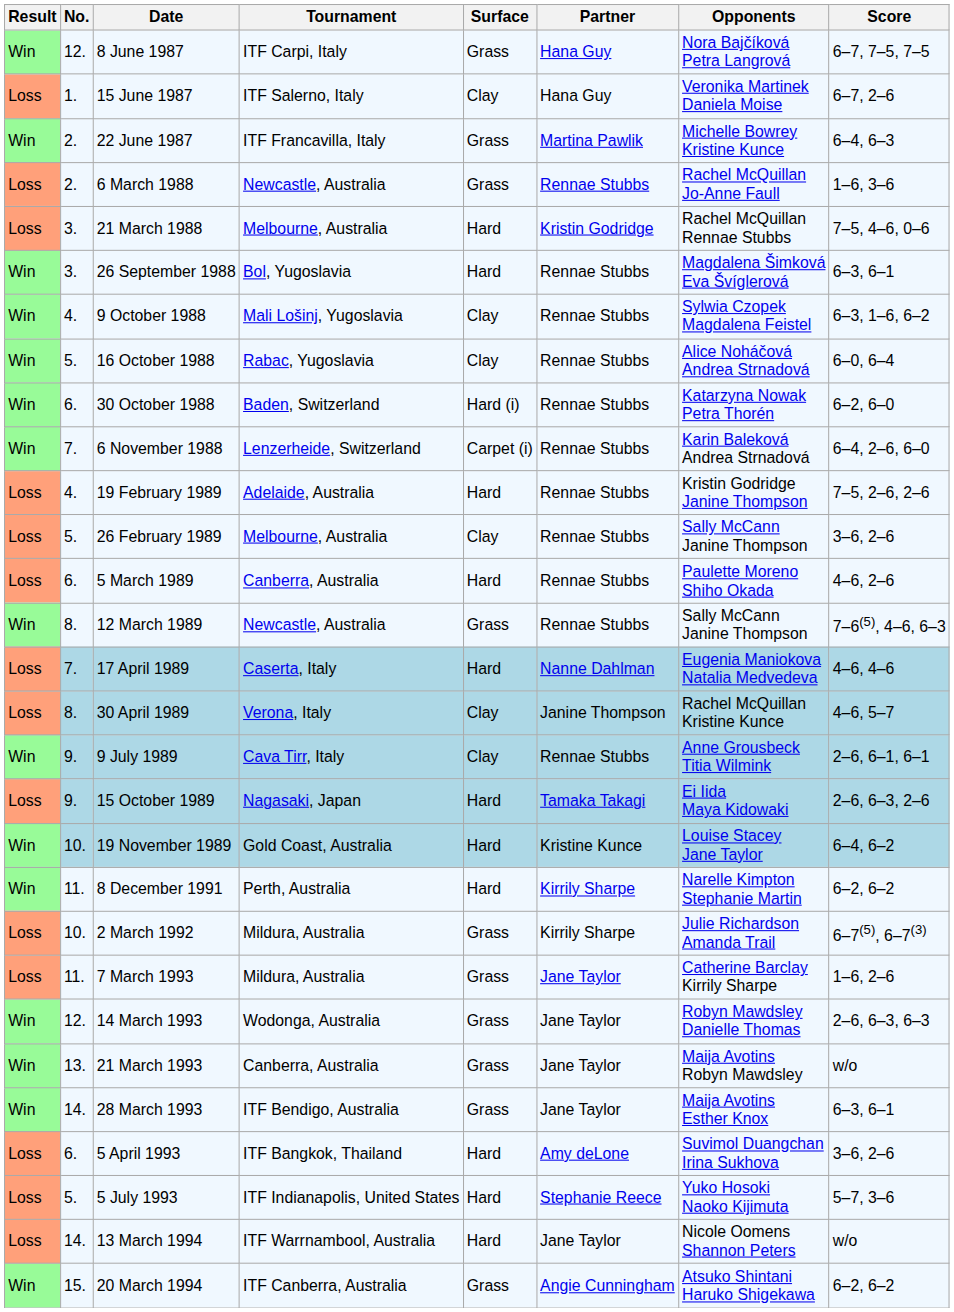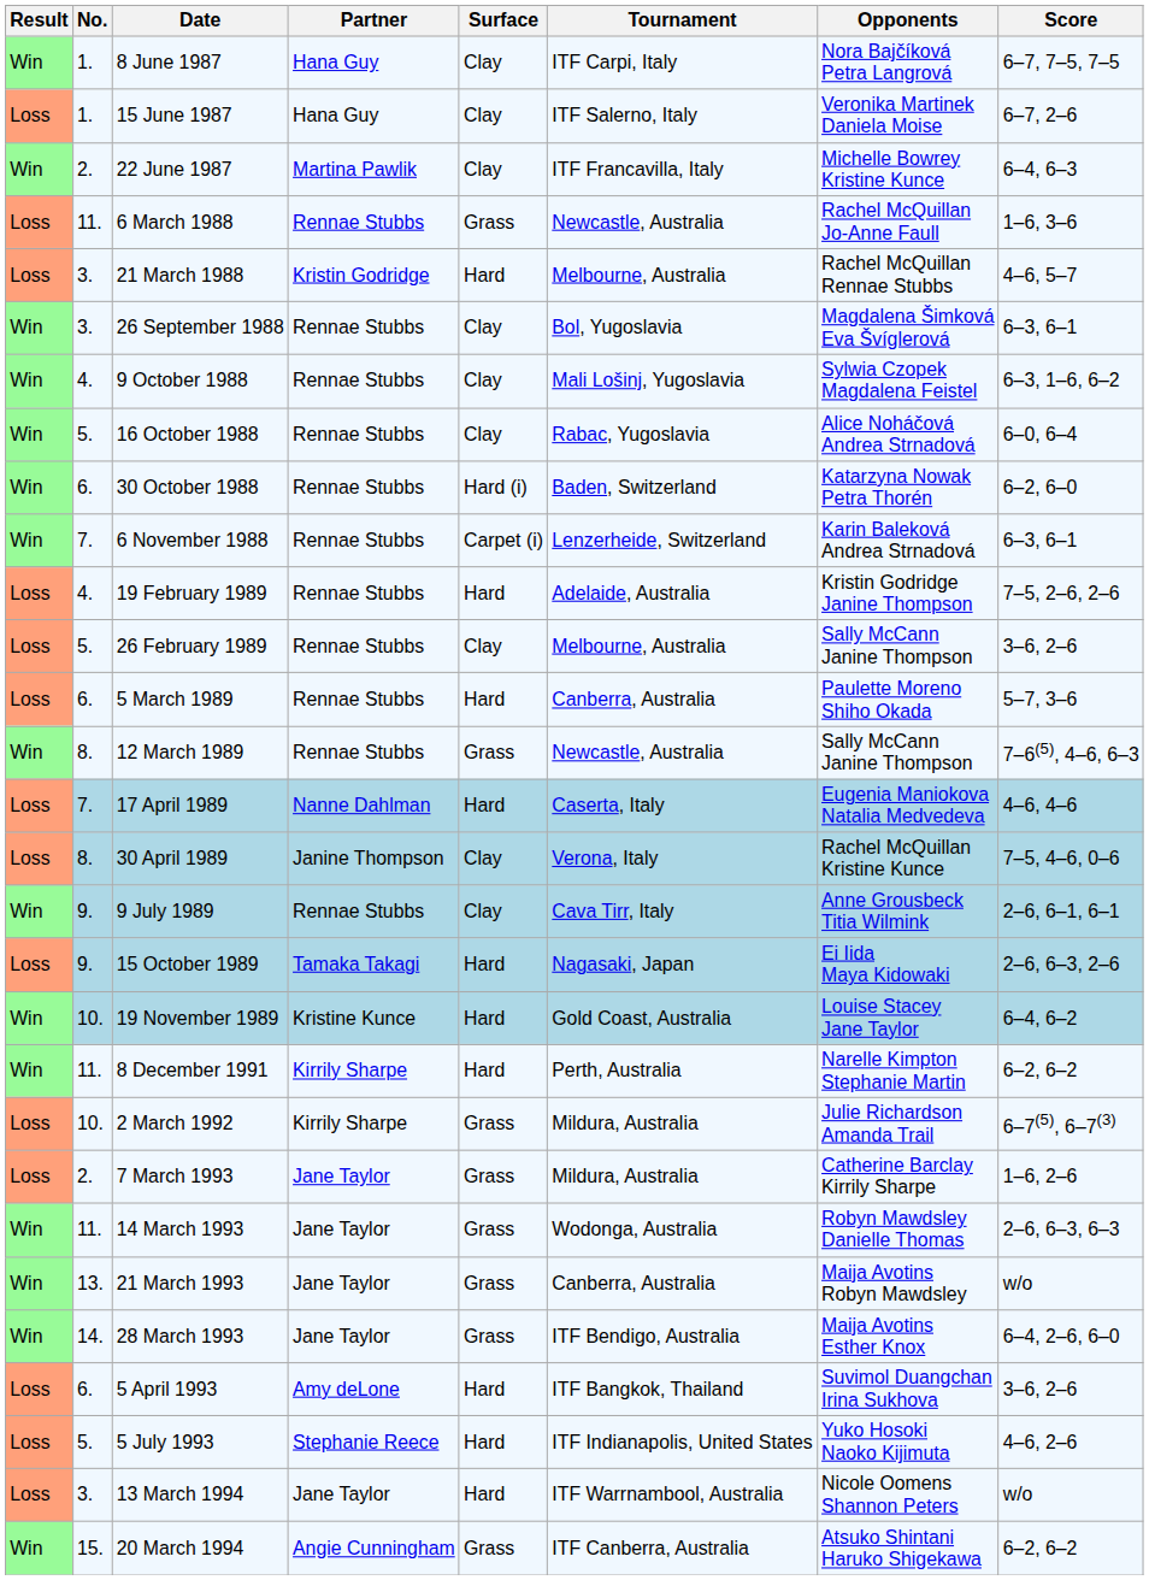 <table class="sortable wikitable" style=font-size:97%>
 <tr>
 <th>Result</th>
 <th>No.</th>
 <th>Date</th>
+<th>Partner</th>
+<th>Surface</th>
 <th>Tournament</th>
-<th>Surface</th>
-<th>Partner</th>
 <th>Opponents</th>
 <th>Score</th>
 </tr>
 <tr bgcolor=f0f8ff>
 <td style="background:#98fb98;">Win</td>
-<td>12.</td>
+<td>1.</td>
 <td>8 June 1987</td>
+<td> <a href='#'>Hana Guy</a></td>
+<td>Clay</td>
 <td>ITF Carpi, Italy</td>
-<td>Grass</td>
-<td> <a href='#'>Hana Guy</a></td>
 <td> <a href='#'>Nora Bajčíková</a> <br>  <a href='#'>Petra Langrová</a></td>
 <td>6–7, 7–5, 7–5</td>
 </tr>
 <tr bgcolor=f0f8ff>
 <td style="background:#ffa07a;">Loss</td>
 <td>1.</td>
 <td>15 June 1987</td>
+<td> Hana Guy</td>
+<td>Clay</td>
 <td>ITF Salerno, Italy</td>
-<td>Clay</td>
-<td> Hana Guy</td>
 <td> <a href='#'>Veronika Martinek</a> <br>  <a href='#'>Daniela Moise</a></td>
 <td>6–7, 2–6</td>
 </tr>
 <tr bgcolor="#f0f8ff">
 <td style="background:#98fb98;">Win</td>
 <td>2.</td>
 <td>22 June 1987</td>
+<td> <a href='#'>Martina Pawlik</a></td>
+<td>Clay</td>
 <td>ITF Francavilla, Italy</td>
-<td>Grass</td>
-<td> <a href='#'>Martina Pawlik</a></td>
 <td> <a href='#'>Michelle Bowrey</a> <br>  <a href='#'>Kristine Kunce</a></td>
 <td>6–4, 6–3</td>
 </tr>
 <tr bgcolor="#f0f8ff">
 <td style="background:#ffa07a;">Loss</td>
-<td>2.</td>
+<td>11.</td>
 <td>6 March 1988</td>
+<td> <a href='#'>Rennae Stubbs</a></td>
+<td>Grass</td>
 <td><a href='#'>Newcastle</a>, Australia</td>
-<td>Grass</td>
-<td> <a href='#'>Rennae Stubbs</a></td>
 <td> <a href='#'>Rachel McQuillan</a> <br>  <a href='#'>Jo-Anne Faull</a></td>
 <td>1–6, 3–6</td>
 </tr>
 <tr style="background:#f0f8ff;">
 <td style="background:#ffa07a;">Loss</td>
 <td>3.</td>
 <td>21 March 1988</td>
+<td> <a href='#'>Kristin Godridge</a></td>
+<td>Hard</td>
 <td><a href='#'>Melbourne</a>, Australia</td>
-<td>Hard</td>
-<td> <a href='#'>Kristin Godridge</a></td>
 <td> Rachel McQuillan <br>  Rennae Stubbs</td>
-<td>7–5, 4–6, 0–6</td>
+<td>4–6, 5–7</td>
 </tr>
 <tr style="background:#f0f8ff;">
 <td style="background:#98fb98;">Win</td>
 <td>3.</td>
 <td>26 September 1988</td>
+<td> Rennae Stubbs</td>
+<td>Clay</td>
 <td><a href='#'>Bol</a>, Yugoslavia</td>
-<td>Hard</td>
-<td> Rennae Stubbs</td>
 <td> <a href='#'>Magdalena Šimková</a> <br>  <a href='#'>Eva Švíglerová</a></td>
 <td>6–3, 6–1</td>
 </tr>
 <tr bgcolor="#f0f8ff">
 <td style="background:#98fb98;">Win</td>
 <td>4.</td>
 <td>9 October 1988</td>
+<td> Rennae Stubbs</td>
+<td>Clay</td>
 <td><a href='#'>Mali Lošinj</a>, Yugoslavia</td>
-<td>Clay</td>
-<td> Rennae Stubbs</td>
 <td> <a href='#'>Sylwia Czopek</a> <br>  <a href='#'>Magdalena Feistel</a></td>
 <td>6–3, 1–6, 6–2</td>
 </tr>
 <tr bgcolor="#f0f8ff">
 <td style="background:#98fb98;">Win</td>
 <td>5.</td>
 <td>16 October 1988</td>
+<td> Rennae Stubbs</td>
+<td>Clay</td>
 <td><a href='#'>Rabac</a>, Yugoslavia</td>
-<td>Clay</td>
-<td> Rennae Stubbs</td>
 <td> <a href='#'>Alice Noháčová</a> <br>  <a href='#'>Andrea Strnadová</a></td>
 <td>6–0, 6–4</td>
 </tr>
 <tr bgcolor="#f0f8ff">
 <td style="background:#98fb98;">Win</td>
 <td>6.</td>
 <td>30 October 1988</td>
+<td> Rennae Stubbs</td>
+<td>Hard (i)</td>
 <td><a href='#'>Baden</a>, Switzerland</td>
-<td>Hard (i)</td>
-<td> Rennae Stubbs</td>
 <td> <a href='#'>Katarzyna Nowak</a> <br>  <a href='#'>Petra Thorén</a></td>
 <td>6–2, 6–0</td>
 </tr>
 <tr bgcolor="#f0f8ff">
 <td style="background:#98fb98;">Win</td>
 <td>7.</td>
 <td>6 November 1988</td>
+<td> Rennae Stubbs</td>
+<td>Carpet (i)</td>
 <td><a href='#'>Lenzerheide</a>, Switzerland</td>
-<td>Carpet (i)</td>
-<td> Rennae Stubbs</td>
 <td> <a href='#'>Karin Baleková</a> <br>  Andrea Strnadová</td>
-<td>6–4, 2–6, 6–0</td>
+<td>6–3, 6–1</td>
 </tr>
 <tr bgcolor="#f0f8ff">
 <td style="background:#ffa07a;">Loss</td>
 <td>4.</td>
 <td>19 February 1989</td>
+<td> Rennae Stubbs</td>
+<td>Hard</td>
 <td><a href='#'>Adelaide</a>, Australia</td>
-<td>Hard</td>
-<td> Rennae Stubbs</td>
 <td> Kristin Godridge <br>  <a href='#'>Janine Thompson</a></td>
 <td>7–5, 2–6, 2–6</td>
 </tr>
 <tr bgcolor="#f0f8ff">
 <td style="background:#ffa07a;">Loss</td>
 <td>5.</td>
 <td>26 February 1989</td>
+<td> Rennae Stubbs</td>
+<td>Clay</td>
 <td><a href='#'>Melbourne</a>, Australia</td>
-<td>Clay</td>
-<td> Rennae Stubbs</td>
 <td> <a href='#'>Sally McCann</a> <br>  Janine Thompson</td>
 <td>3–6, 2–6</td>
 </tr>
 <tr bgcolor="#f0f8ff">
 <td style="background:#ffa07a;">Loss</td>
 <td>6.</td>
 <td>5 March 1989</td>
+<td> Rennae Stubbs</td>
+<td>Hard</td>
 <td><a href='#'>Canberra</a>, Australia</td>
-<td>Hard</td>
-<td> Rennae Stubbs</td>
 <td> <a href='#'>Paulette Moreno</a> <br>  <a href='#'>Shiho Okada</a></td>
-<td>4–6, 2–6</td>
+<td>5–7, 3–6</td>
 </tr>
 <tr bgcolor="#f0f8ff">
 <td style="background:#98fb98;">Win</td>
 <td>8.</td>
 <td>12 March 1989</td>
+<td> Rennae Stubbs</td>
+<td>Grass</td>
 <td><a href='#'>Newcastle</a>, Australia</td>
-<td>Grass</td>
-<td> Rennae Stubbs</td>
 <td> Sally McCann <br>  Janine Thompson</td>
 <td>7–6<sup>(5)</sup>, 4–6, 6–3</td>
 </tr>
 <tr style="background:lightblue;">
 <td style="background:#ffa07a;">Loss</td>
 <td>7.</td>
 <td>17 April 1989</td>
+<td> <a href='#'>Nanne Dahlman</a></td>
+<td>Hard</td>
 <td><a href='#'>Caserta</a>, Italy</td>
-<td>Hard</td>
-<td> <a href='#'>Nanne Dahlman</a></td>
 <td> <a href='#'>Eugenia Maniokova</a> <br>  <a href='#'>Natalia Medvedeva</a></td>
 <td>4–6, 4–6</td>
 </tr>
 <tr style="background:lightblue;">
 <td style="background:#ffa07a;">Loss</td>
 <td>8.</td>
 <td>30 April 1989</td>
+<td> Janine Thompson</td>
+<td>Clay</td>
 <td><a href='#'>Verona</a>, Italy</td>
-<td>Clay</td>
-<td> Janine Thompson</td>
 <td> Rachel McQuillan <br>  Kristine Kunce</td>
-<td>4–6, 5–7</td>
+<td>7–5, 4–6, 0–6</td>
 </tr>
 <tr bgcolor="lightblue">
 <td style="background:#98fb98;">Win</td>
 <td>9.</td>
 <td>9 July 1989</td>
+<td> Rennae Stubbs</td>
+<td>Clay</td>
 <td><a href='#'>Cava Tirr</a>, Italy</td>
-<td>Clay</td>
-<td> Rennae Stubbs</td>
 <td> <a href='#'>Anne Grousbeck</a> <br>  <a href='#'>Titia Wilmink</a></td>
 <td>2–6, 6–1, 6–1</td>
 </tr>
 <tr style="background:lightblue;">
 <td style="background:#ffa07a;">Loss</td>
 <td>9.</td>
 <td>15 October 1989</td>
+<td> <a href='#'>Tamaka Takagi</a></td>
+<td>Hard</td>
 <td><a href='#'>Nagasaki</a>, Japan</td>
-<td>Hard</td>
-<td> <a href='#'>Tamaka Takagi</a></td>
 <td> <a href='#'>Ei Iida</a> <br>  <a href='#'>Maya Kidowaki</a></td>
 <td>2–6, 6–3, 2–6</td>
 </tr>
 <tr style="background:lightblue">
 <td style="background:#98fb98;">Win</td>
 <td>10.</td>
 <td>19 November 1989</td>
+<td> Kristine Kunce</td>
+<td>Hard</td>
 <td>Gold Coast, Australia</td>
-<td>Hard</td>
-<td> Kristine Kunce</td>
 <td> <a href='#'>Louise Stacey</a> <br>  <a href='#'>Jane Taylor</a></td>
 <td>6–4, 6–2</td>
 </tr>
 <tr bgcolor="#f0f8ff">
 <td style="background:#98fb98;">Win</td>
 <td>11.</td>
 <td>8 December 1991</td>
+<td> <a href='#'>Kirrily Sharpe</a></td>
+<td>Hard</td>
 <td>Perth, Australia</td>
-<td>Hard</td>
-<td> <a href='#'>Kirrily Sharpe</a></td>
 <td> <a href='#'>Narelle Kimpton</a> <br>  <a href='#'>Stephanie Martin</a></td>
 <td>6–2, 6–2</td>
 </tr>
 <tr bgcolor="#f0f8ff">
 <td style="background:#ffa07a;">Loss</td>
 <td>10.</td>
 <td>2 March 1992</td>
+<td> Kirrily Sharpe</td>
+<td>Grass</td>
 <td>Mildura, Australia</td>
-<td>Grass</td>
-<td> Kirrily Sharpe</td>
 <td> <a href='#'>Julie Richardson</a> <br>  <a href='#'>Amanda Trail</a></td>
 <td>6–7<sup>(5)</sup>, 6–7<sup>(3)</sup></td>
 </tr>
 <tr bgcolor="#f0f8ff">
 <td style="background:#ffa07a;">Loss</td>
-<td>11.</td>
+<td>2.</td>
 <td>7 March 1993</td>
+<td> <a href='#'>Jane Taylor</a></td>
+<td>Grass</td>
 <td>Mildura, Australia</td>
-<td>Grass</td>
-<td> <a href='#'>Jane Taylor</a></td>
 <td> <a href='#'>Catherine Barclay</a> <br>  Kirrily Sharpe</td>
 <td>1–6, 2–6</td>
 </tr>
 <tr style="background:#f0f8ff;">
 <td style="background:#98fb98;">Win</td>
-<td>12.</td>
+<td>11.</td>
 <td>14 March 1993</td>
+<td> Jane Taylor</td>
+<td>Grass</td>
 <td>Wodonga, Australia</td>
-<td>Grass</td>
-<td> Jane Taylor</td>
 <td> <a href='#'>Robyn Mawdsley</a> <br>  <a href='#'>Danielle Thomas</a></td>
 <td>2–6, 6–3, 6–3</td>
 </tr>
 <tr bgcolor=#f0f8ff>
 <td style="background:#98fb98;">Win</td>
 <td>13.</td>
 <td>21 March 1993</td>
+<td> Jane Taylor</td>
+<td>Grass</td>
 <td>Canberra, Australia</td>
-<td>Grass</td>
-<td> Jane Taylor</td>
 <td> <a href='#'>Maija Avotins</a> <br>  Robyn Mawdsley</td>
 <td>w/o</td>
 </tr>
 <tr bgcolor=#f0f8ff>
 <td style="background:#98fb98;">Win</td>
 <td>14.</td>
 <td>28 March 1993</td>
+<td> Jane Taylor</td>
+<td>Grass</td>
 <td>ITF Bendigo, Australia</td>
-<td>Grass</td>
-<td> Jane Taylor</td>
 <td> <a href='#'>Maija Avotins</a> <br>  <a href='#'>Esther Knox</a></td>
-<td>6–3, 6–1</td>
+<td>6–4, 2–6, 6–0</td>
 </tr>
 <tr bgcolor="#f0f8ff">
 <td style="background:#ffa07a;">Loss</td>
 <td>6.</td>
 <td>5 April 1993</td>
+<td> <a href='#'>Amy deLone</a></td>
+<td>Hard</td>
 <td>ITF Bangkok, Thailand</td>
-<td>Hard</td>
-<td> <a href='#'>Amy deLone</a></td>
 <td> <a href='#'>Suvimol Duangchan</a> <br>  <a href='#'>Irina Sukhova</a></td>
 <td>3–6, 2–6</td>
 </tr>
 <tr bgcolor="#f0f8ff">
 <td style="background:#ffa07a;">Loss</td>
 <td>5.</td>
 <td>5 July 1993</td>
+<td> <a href='#'>Stephanie Reece</a></td>
+<td>Hard</td>
 <td>ITF Indianapolis, United States</td>
-<td>Hard</td>
-<td> <a href='#'>Stephanie Reece</a></td>
 <td> <a href='#'>Yuko Hosoki</a> <br>  <a href='#'>Naoko Kijimuta</a></td>
-<td>5–7, 3–6</td>
+<td>4–6, 2–6</td>
 </tr>
 <tr bgcolor="#f0f8ff">
 <td style="background:#ffa07a;">Loss</td>
-<td>14.</td>
+<td>3.</td>
 <td>13 March 1994</td>
+<td> Jane Taylor</td>
+<td>Hard</td>
 <td>ITF Warrnambool, Australia</td>
-<td>Hard</td>
-<td> Jane Taylor</td>
 <td> Nicole Oomens <br>  <a href='#'>Shannon Peters</a></td>
 <td>w/o</td>
 </tr>
 <tr style="background:#f0f8ff;">
 <td style="background:#98fb98;">Win</td>
 <td>15.</td>
 <td>20 March 1994</td>
+<td> <a href='#'>Angie Cunningham</a></td>
+<td>Grass</td>
 <td>ITF Canberra, Australia</td>
-<td>Grass</td>
-<td> <a href='#'>Angie Cunningham</a></td>
 <td> <a href='#'>Atsuko Shintani</a> <br>  <a href='#'>Haruko Shigekawa</a></td>
 <td>6–2, 6–2</td>
 </tr>
 </table>
